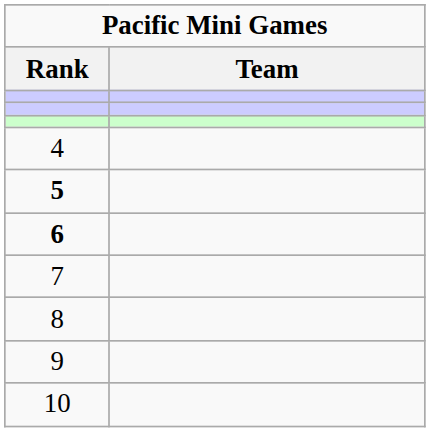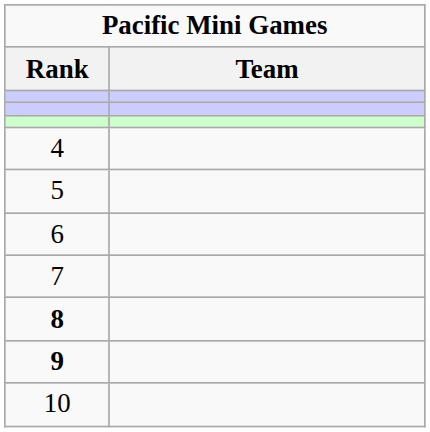 <table class="wikitable" style="text-align: center;">
 <tr>
 <td colspan=2><strong>Pacific Mini Games</strong></td>
 </tr>
 <tr>
 <th width=55>Rank</th>
 <th width=180>Team</th>
 </tr>
 <tr bgcolor=#ccf>
 <td></td>
 <td align=left></td>
 </tr>
 <tr bgcolor=#ccf>
 <td></td>
 <td align=left></td>
 </tr>
 <tr bgcolor=#cfc>
 <td></td>
 <td align=left></td>
 </tr>
 <tr>
 <td>4</td>
 <td align=left></td>
 </tr>
 <tr>
-<td><strong>5</strong></td>
+<td>5</td>
 <td align=left></td>
 </tr>
 <tr>
-<td><strong>6</strong></td>
+<td>6</td>
 <td align=left></td>
 </tr>
 <tr>
 <td>7</td>
 <td align=left></td>
 </tr>
 <tr>
-<td>8</td>
+<td><strong>8</strong></td>
 <td align=left></td>
 </tr>
 <tr>
-<td>9</td>
+<td><strong>9</strong></td>
 <td align=left></td>
 </tr>
 <tr>
 <td>10</td>
 <td align=left></td>
 </tr>
 </table>
